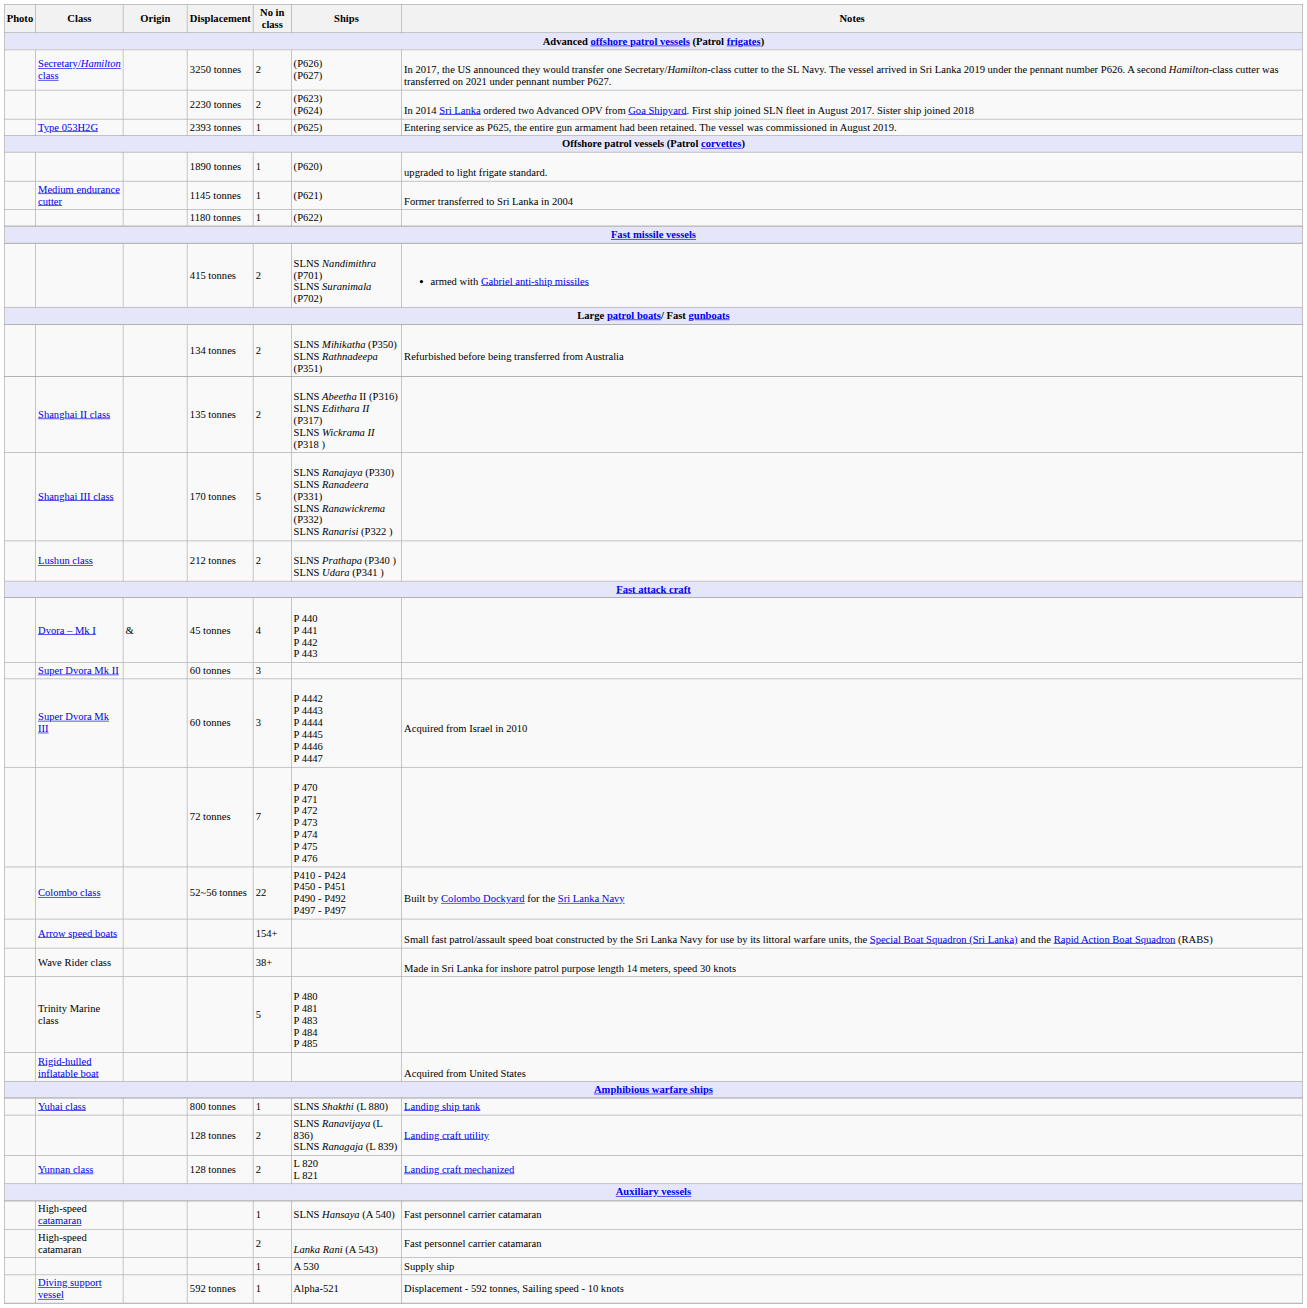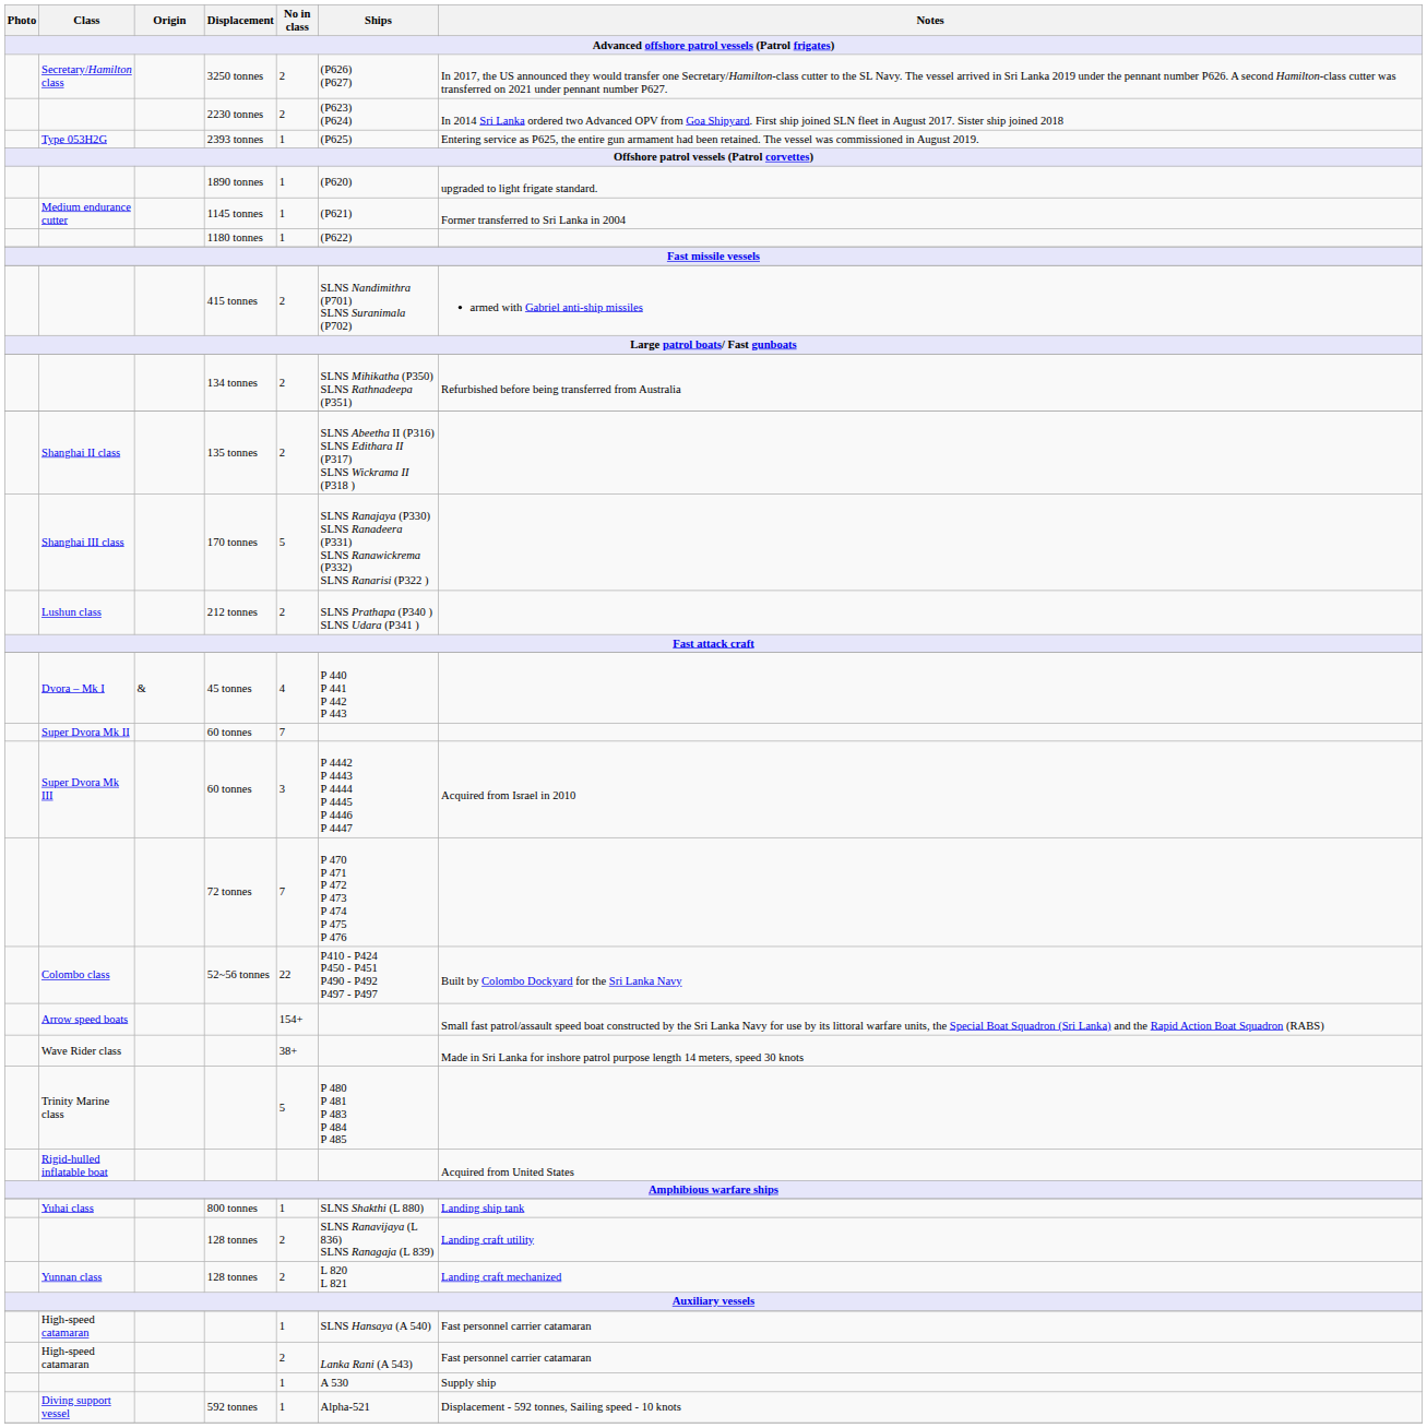 <table class="wikitable " border="1" style="border-collapse: collapse;">
 <tr bgcolor=lavender>
 <th>Photo</th>
 <th width=90px>Class</th>
 <th width=90px>Origin</th>
 <th width=30px>Displacement</th>
 <th width=50px>No in class</th>
 <th width=160px>Ships</th>
 <th>Notes</th>
 </tr>
 <tr>
 <th style="align: center; background: lavender;" colspan="7">Advanced <a href='#'>offshore patrol vessels</a> (Patrol <a href='#'>frigates</a>)</th>
 </tr>
 <tr>
 <td></td>
 <td><a href='#'>Secretary/<em>Hamilton</em> class</a></td>
 <td></td>
 <td>3250 tonnes</td>
 <td>2</td>
 <td> (P626) <br>  (P627)</td>
 <td><br>In 2017, the US announced they would transfer one Secretary/<em>Hamilton</em>-class cutter to the SL Navy. The vessel arrived in Sri Lanka 2019 under the pennant number P626. A second <em>Hamilton</em>-class cutter was transferred on 2021 under pennant number P627.</td>
 </tr>
 <tr>
 <td></td>
 <td></td>
 <td></td>
 <td>2230 tonnes</td>
 <td>2</td>
 <td> (P623)<br> (P624)</td>
 <td><br>In 2014 <a href='#'>Sri Lanka</a> ordered two Advanced OPV from <a href='#'>Goa Shipyard</a>. First ship joined SLN fleet in August 2017. Sister ship joined 2018</td>
 </tr>
 <tr>
 <td></td>
 <td><a href='#'>Type 053H2G</a></td>
 <td></td>
 <td>2393 tonnes</td>
 <td>1</td>
 <td> (P625)</td>
 <td>Entering service as P625, the entire gun armament had been retained. The vessel was commissioned in August 2019.</td>
 </tr>
 <tr>
 <th style="align: center; background: lavender;" colspan="7">Offshore patrol vessels  (Patrol <a href='#'>corvettes</a>)</th>
 </tr>
 <tr>
 <td></td>
 <td></td>
 <td></td>
 <td>1890 tonnes</td>
 <td>1</td>
 <td> (P620)</td>
 <td><br>upgraded to light frigate standard.</td>
 </tr>
 <tr>
 <td></td>
 <td><a href='#'>Medium endurance cutter</a></td>
 <td></td>
 <td>1145 tonnes</td>
 <td>1</td>
 <td> (P621)</td>
 <td><br>Former  transferred to Sri Lanka in 2004</td>
 </tr>
 <tr>
 <td></td>
 <td></td>
 <td></td>
 <td>1180 tonnes</td>
 <td>1</td>
 <td> (P622)</td>
 <td></td>
 </tr>
 <tr>
 </tr>
 <tr>
 <th style="align: center; background: lavender;" colspan="7"><a href='#'>Fast missile vessels</a></th>
 </tr>
 <tr>
 </tr>
 <tr>
 <td></td>
 <td></td>
 <td></td>
 <td>415 tonnes</td>
 <td>2</td>
 <td><br>SLNS <em>Nandimithra</em> (P701)<br>SLNS <em>Suranimala</em> (P702)</td>
 <td><br><ul><li>armed with <a href='#'>Gabriel anti-ship missiles</a></li></ul></td>
 </tr>
 <tr>
 <th style="align: center; background: lavender;" colspan="7">Large <a href='#'>patrol boats</a>/ Fast <a href='#'>gunboats</a></th>
 </tr>
 <tr>
 </tr>
 <tr>
 <td></td>
 <td></td>
 <td></td>
 <td>134 tonnes</td>
 <td>2</td>
 <td><br>SLNS <em>Mihikatha</em> (P350)<br>SLNS <em>Rathnadeepa</em> (P351)</td>
 <td><br>Refurbished before being transferred from Australia </td>
 </tr>
 <tr>
 </tr>
 <tr>
 <td></td>
 <td><a href='#'>Shanghai II class</a></td>
 <td></td>
 <td>135 tonnes</td>
 <td>2</td>
 <td><br>SLNS <em>Abeetha</em> II (P316)<br>SLNS <em>Edithara II</em> (P317)<br>SLNS <em>Wickrama II</em> (P318 )</td>
 <td></td>
 </tr>
 <tr>
 <td></td>
 <td><a href='#'>Shanghai III class</a></td>
 <td></td>
 <td>170 tonnes</td>
 <td>5</td>
 <td><br>SLNS <em>Ranajaya</em> (P330)<br>SLNS <em>Ranadeera</em> (P331)<br>SLNS <em>Ranawickrema</em> (P332)<br>SLNS <em>Ranarisi</em> (P322 )</td>
 <td></td>
 </tr>
 <tr>
 <td></td>
 <td><a href='#'>Lushun class</a></td>
 <td></td>
 <td>212 tonnes</td>
 <td>2</td>
 <td><br>SLNS <em>Prathapa</em> (P340 )<br>SLNS <em>Udara</em> (P341 )</td>
 <td></td>
 </tr>
 <tr>
 <th style="align: center; background: lavender;" colspan="7"><a href='#'>Fast attack craft</a></th>
 </tr>
 <tr>
 </tr>
 <tr>
 <td></td>
 <td><a href='#'>Dvora – Mk I</a></td>
 <td> & </td>
 <td>45 tonnes</td>
 <td>4</td>
 <td><br>P 440<br>P 441<br>P 442<br>P 443</td>
 <td></td>
 </tr>
 <tr>
 <td></td>
 <td><a href='#'>Super Dvora Mk II</a></td>
 <td></td>
 <td>60 tonnes</td>
-<td>3</td>
+<td>7</td>
 <td></td>
 <td></td>
 </tr>
 <tr>
 <td></td>
 <td><a href='#'>Super Dvora Mk III</a></td>
 <td></td>
 <td>60 tonnes</td>
 <td>3</td>
 <td><br>P 4442<br>P 4443<br>P 4444<br>P 4445<br>P 4446<br>P 4447</td>
 <td><br>Acquired from Israel in 2010</td>
 </tr>
 <tr>
 <td></td>
 <td></td>
 <td></td>
 <td>72 tonnes</td>
 <td>7</td>
 <td><br>P 470<br>P 471<br>P 472<br>P 473<br>P 474<br>P 475<br>P 476</td>
 <td></td>
 </tr>
 <tr>
 <td></td>
 <td><a href='#'>Colombo class</a></td>
 <td></td>
 <td>52~56 tonnes</td>
 <td>22</td>
 <td>P410 - P424<br>P450 - P451<br>P490 - P492<br>P497 - P497</td>
 <td><br>Built by <a href='#'>Colombo Dockyard</a> for the <a href='#'>Sri Lanka Navy</a></td>
 </tr>
 <tr>
 <td></td>
 <td><a href='#'>Arrow speed boats</a></td>
 <td></td>
 <td></td>
 <td>154+</td>
 <td></td>
 <td><br>Small fast patrol/assault speed boat constructed by the Sri Lanka Navy for use by its littoral warfare units, the <a href='#'>Special Boat Squadron (Sri Lanka)</a> and the <a href='#'>Rapid Action Boat Squadron</a> (RABS)</td>
 </tr>
 <tr>
 <td></td>
 <td>Wave Rider class</td>
 <td></td>
 <td></td>
 <td>38+</td>
 <td></td>
 <td><br>Made in Sri Lanka for inshore patrol purpose  length 14 meters,   speed 30 knots</td>
 </tr>
 <tr>
 <td></td>
 <td>Trinity Marine class</td>
 <td></td>
 <td></td>
 <td>5</td>
 <td><br>P 480<br>P 481<br>P 483<br>P 484<br>P 485</td>
 <td></td>
 </tr>
 <tr>
 <td></td>
 <td><a href='#'>Rigid-hulled inflatable boat</a></td>
 <td></td>
 <td></td>
 <td></td>
 <td></td>
 <td><br>Acquired from United States</td>
 </tr>
 <tr>
 <th style="align: center; background: lavender;" colspan="7"><a href='#'>Amphibious warfare ships</a></th>
 </tr>
 <tr>
 </tr>
 <tr>
 <td></td>
 <td><a href='#'>Yuhai class</a></td>
 <td></td>
 <td>800 tonnes</td>
 <td>1</td>
 <td>SLNS <em>Shakthi</em> (L 880)</td>
 <td><a href='#'>Landing ship tank</a><br></td>
 </tr>
 <tr>
 <td></td>
 <td></td>
 <td></td>
 <td>128 tonnes</td>
 <td>2</td>
 <td>SLNS <em>Ranavijaya</em> (L 836)<br>SLNS <em>Ranagaja</em> (L 839)</td>
 <td><a href='#'>Landing craft utility</a><br></td>
 </tr>
 <tr>
 <td></td>
 <td><a href='#'>Yunnan class</a></td>
 <td></td>
 <td>128 tonnes</td>
 <td>2</td>
 <td>L 820<br>L 821</td>
 <td><a href='#'>Landing craft mechanized</a></td>
 </tr>
 <tr>
 <th style="align: center; background: lavender;" colspan="7"><a href='#'>Auxiliary vessels</a></th>
 </tr>
 <tr>
 </tr>
 <tr>
 <td></td>
 <td>High-speed <a href='#'>catamaran</a></td>
 <td></td>
 <td></td>
 <td>1</td>
 <td>SLNS <em>Hansaya</em> (A 540)</td>
 <td>Fast personnel carrier catamaran<br></td>
 </tr>
 <tr>
 <td></td>
 <td>High-speed catamaran</td>
 <td></td>
 <td></td>
 <td>2</td>
 <td><br><em>Lanka Rani</em> (A 543)</td>
 <td>Fast personnel carrier catamaran<br></td>
 </tr>
 <tr>
 <td></td>
 <td></td>
 <td></td>
 <td></td>
 <td>1</td>
 <td>A 530</td>
 <td>Supply ship</td>
 </tr>
 <tr>
 <td></td>
 <td><a href='#'>Diving support vessel</a></td>
 <td></td>
 <td>592 tonnes</td>
 <td>1</td>
 <td>Alpha-521</td>
 <td>Displacement - 592 tonnes, Sailing speed - 10 knots </td>
 </tr>
 <tr>
 </tr>
 </table>
